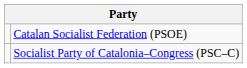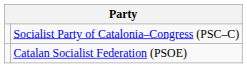 <table class="wikitable" style="text-align:left; font-size:95%;">
 <tr>
 <th colspan="2">Party</th>
 </tr>
 <tr>
+<td width="1"></td>
+<td><a href='#'>Socialist Party of Catalonia–Congress</a> (PSC–C)</td>
+</tr>
+<tr>
 <td></td>
 <td><a href='#'>Catalan Socialist Federation</a> (PSOE)</td>
 </tr>
-<tr>
-<td width="1"></td>
-<td><a href='#'>Socialist Party of Catalonia–Congress</a> (PSC–C)</td>
-</tr>
 </table>
